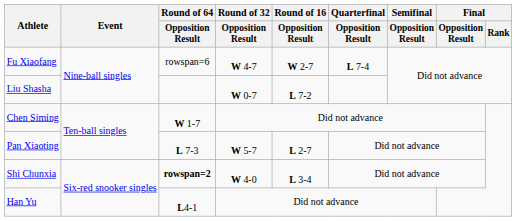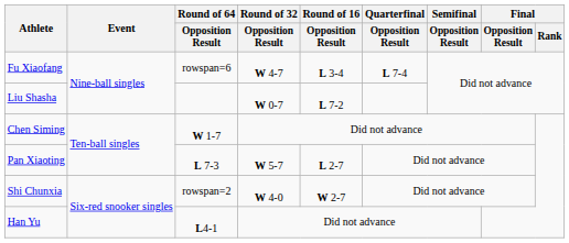 <table class=wikitable style=font-size:90%;text-align:center>
 <tr>
 <th rowspan=2>Athlete</th>
 <th rowspan=2>Event</th>
 <th>Round of 64</th>
 <th>Round of 32</th>
 <th>Round of 16</th>
 <th>Quarterfinal</th>
 <th>Semifinal</th>
 <th colspan=2>Final</th>
 </tr>
 <tr style=font-size:95%>
 <th>Opposition<br>Result</th>
 <th>Opposition<br>Result</th>
 <th>Opposition<br>Result</th>
 <th>Opposition<br>Result</th>
 <th>Opposition<br>Result</th>
 <th>Opposition<br>Result</th>
 <th>Rank</th>
 </tr>
 <tr>
 <td align=left><a href='#'>Fu Xiaofang</a></td>
 <td align=left rowspan=2><a href='#'>Nine-ball singles</a></td>
 <td>rowspan=6 </td>
 <td><br><strong>W</strong> 4-7</td>
-<td><br><strong>W</strong> 2-7</td>
+<td><br><strong>L</strong> 3-4</td>
 <td><br><strong>L</strong> 7-4</td>
 <td colspan=4 rowspan=2>Did not advance</td>
 </tr>
 <tr>
 <td align=left><a href='#'>Liu Shasha</a></td>
 <td></td>
 <td><br><strong>W</strong> 0-7</td>
 <td><br><strong>L</strong> 7-2</td>
 </tr>
 <tr>
 <td align=left><a href='#'>Chen Siming</a></td>
 <td align=left rowspan=2><a href='#'>Ten-ball singles</a></td>
 <td><br><strong>W</strong> 1-7</td>
 <td colspan=5>Did not advance</td>
 </tr>
 <tr>
 <td align=left><a href='#'>Pan Xiaoting</a></td>
 <td><br><strong>L</strong> 7-3</td>
 <td><br><strong>W</strong> 5-7</td>
 <td><br><strong>L</strong> 2-7</td>
 <td colspan=3>Did not advance</td>
 </tr>
 <tr>
 <td align=left><a href='#'>Shi Chunxia</a></td>
 <td align=left rowspan=2><a href='#'>Six-red snooker singles</a></td>
-<td><strong>rowspan=2 </strong></td>
+<td>rowspan=2 </td>
 <td><br><strong>W</strong> 4-0</td>
-<td><br><strong>L</strong> 3-4</td>
+<td><br><strong>W</strong> 2-7</td>
 <td colspan=3>Did not advance</td>
 </tr>
 <tr>
 <td align=left><a href='#'>Han Yu</a></td>
 <td><br><strong>L</strong>4-1</td>
 <td colspan=4>Did not advance</td>
 </tr>
 </table>
